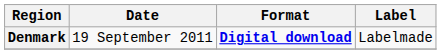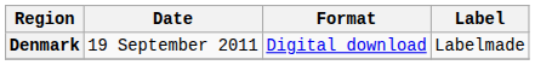 <table class="wikitable plainrowheaders">
 <tr>
 <th scope="col">Region</th>
 <th scope="col">Date</th>
 <th scope="col">Format</th>
 <th scope="col">Label</th>
 </tr>
 <tr>
 <th scope="row">Denmark</th>
 <td>19 September 2011</td>
-<td><strong><a href='#'>Digital download</a></strong></td>
+<td><a href='#'>Digital download</a></td>
 <td>Labelmade</td>
 </tr>
 <tr>
 </tr>
 </table>
